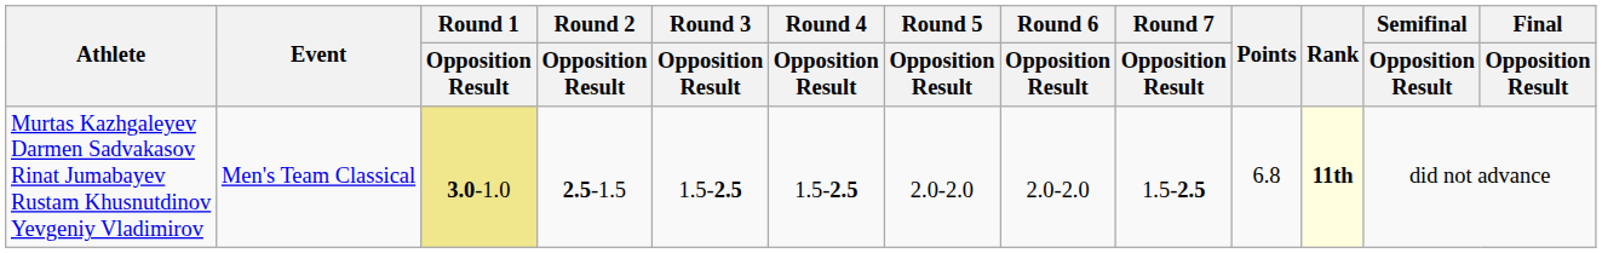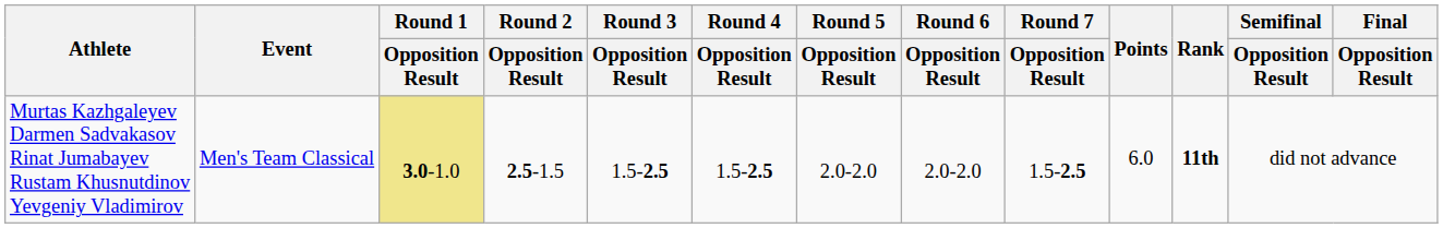 <table class=wikitable style="font-size:90%">
 <tr>
 <th rowspan=2>Athlete</th>
 <th rowspan=2>Event</th>
 <th>Round 1</th>
 <th>Round 2</th>
 <th>Round 3</th>
 <th>Round 4</th>
 <th>Round 5</th>
 <th>Round 6</th>
 <th>Round 7</th>
 <th rowspan=2>Points</th>
 <th rowspan=2>Rank</th>
 <th>Semifinal</th>
 <th>Final</th>
 </tr>
 <tr>
 <th>Opposition<br>Result</th>
 <th>Opposition<br>Result</th>
 <th>Opposition<br>Result</th>
 <th>Opposition<br>Result</th>
 <th>Opposition<br>Result</th>
 <th>Opposition<br>Result</th>
 <th>Opposition<br>Result</th>
 <th>Opposition<br>Result</th>
 <th>Opposition<br>Result</th>
 </tr>
 <tr>
 <td><a href='#'>Murtas Kazhgaleyev</a><br><a href='#'>Darmen Sadvakasov</a><br><a href='#'>Rinat Jumabayev</a><br><a href='#'>Rustam Khusnutdinov</a><br><a href='#'>Yevgeniy Vladimirov</a></td>
 <td><a href='#'>Men's Team Classical</a></td>
 <td align=center style="background: khaki;"><br><strong>3.0</strong>-1.0</td>
 <td align=center><br><strong>2.5</strong>-1.5</td>
 <td align=center><br>1.5-<strong>2.5</strong></td>
 <td align=center><br>1.5-<strong>2.5</strong></td>
 <td align=center><br>2.0-2.0</td>
 <td align=center><br>2.0-2.0</td>
 <td align=center><br>1.5-<strong>2.5</strong></td>
-<td align=center>6.8</td>
-<td align=center style="background: lightyellow;"><strong>11th</strong></td>
+<td align=center>6.0</td>
+<td align=center><strong>11th</strong></td>
 <td style="text-align:center;" colspan="7">did not advance</td>
 </tr>
 </table>
